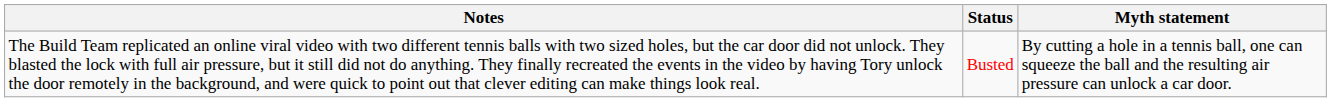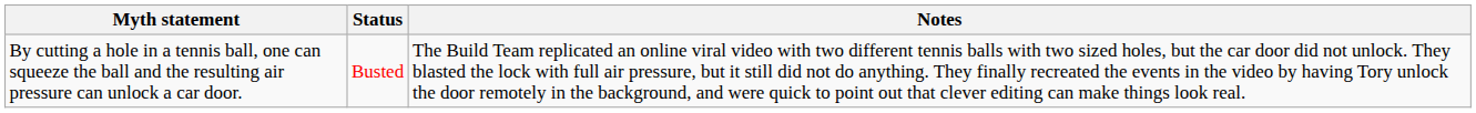 <table class="wikitable plainrowheaders">
 <tr>
+<th>Myth statement</th>
+<th>Status</th>
 <th>Notes</th>
-<th>Status</th>
-<th>Myth statement</th>
 </tr>
 <tr>
+<td>By cutting a hole in a tennis ball, one can squeeze the ball and the resulting air pressure can unlock a car door.</td>
+<td style="color:red">Busted</td>
 <td>The Build Team replicated an online viral video with two different tennis balls with two sized holes, but the car door did not unlock. They blasted the lock with full air pressure, but it still did not do anything. They finally recreated the events in the video by having Tory unlock the door remotely in the background, and were quick to point out that clever editing can make things look real.</td>
-<td style="color:red">Busted</td>
-<td>By cutting a hole in a tennis ball, one can squeeze the ball and the resulting air pressure can unlock a car door.</td>
 </tr>
 </table>
